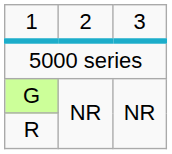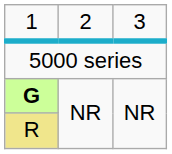 <table class="wikitable" style="text-align:center;">
 <tr>
 <td style="width:2em; border-bottom:solid 4px #1cadca;">1</td>
 <td style="width:2em; border-bottom:solid 4px #1cadca;">2</td>
 <td style="width:2em; border-bottom:solid 4px #1cadca;">3</td>
 </tr>
 <tr>
 <td colspan="3">5000 series</td>
 </tr>
 <tr>
-<td style="background-color:#cf9;">G</td>
+<td style="background-color:#cf9;"><strong>G</strong></td>
 <td rowspan="2">NR</td>
 <td rowspan="2">NR</td>
 </tr>
 <tr>
-<td>R</td>
+<td style="background: khaki;">R</td>
 </tr>
 </table>
